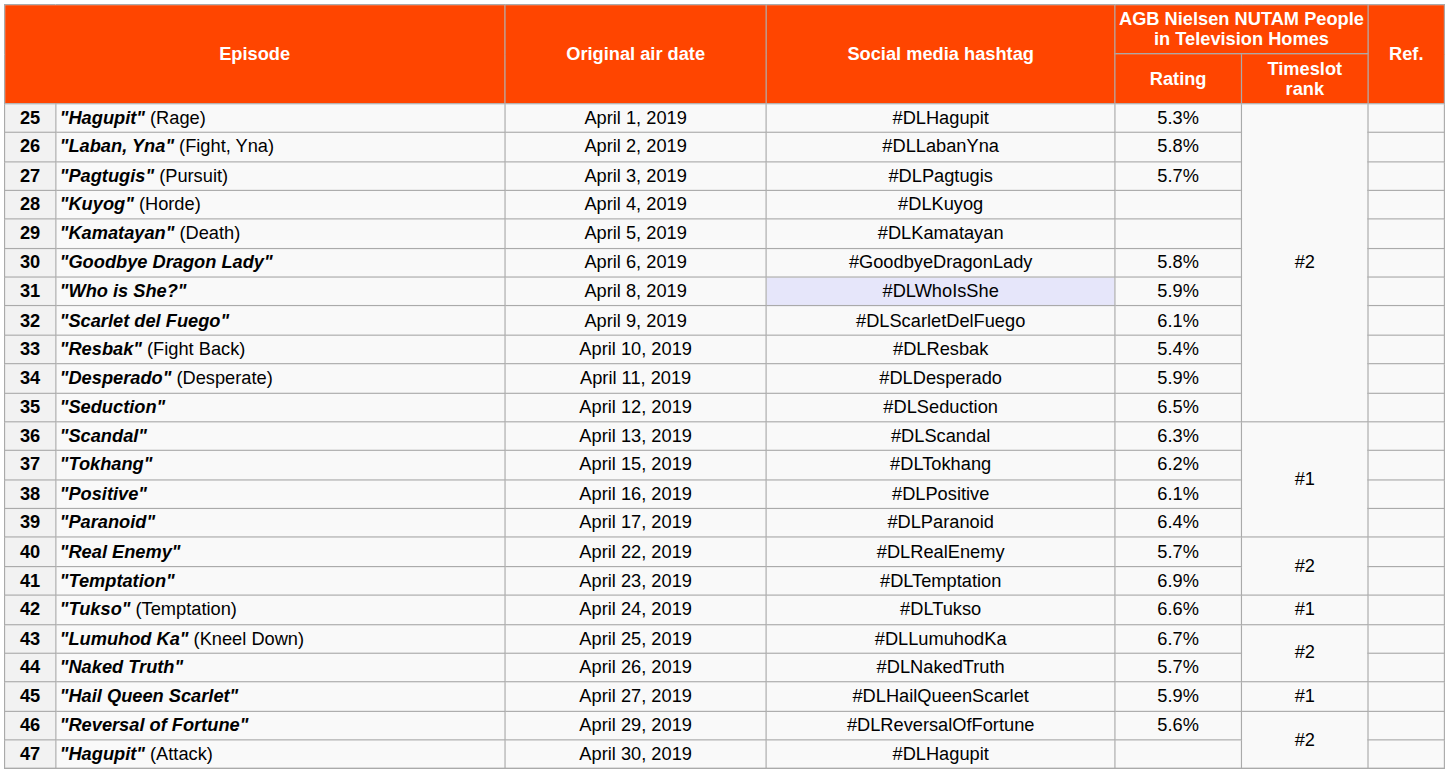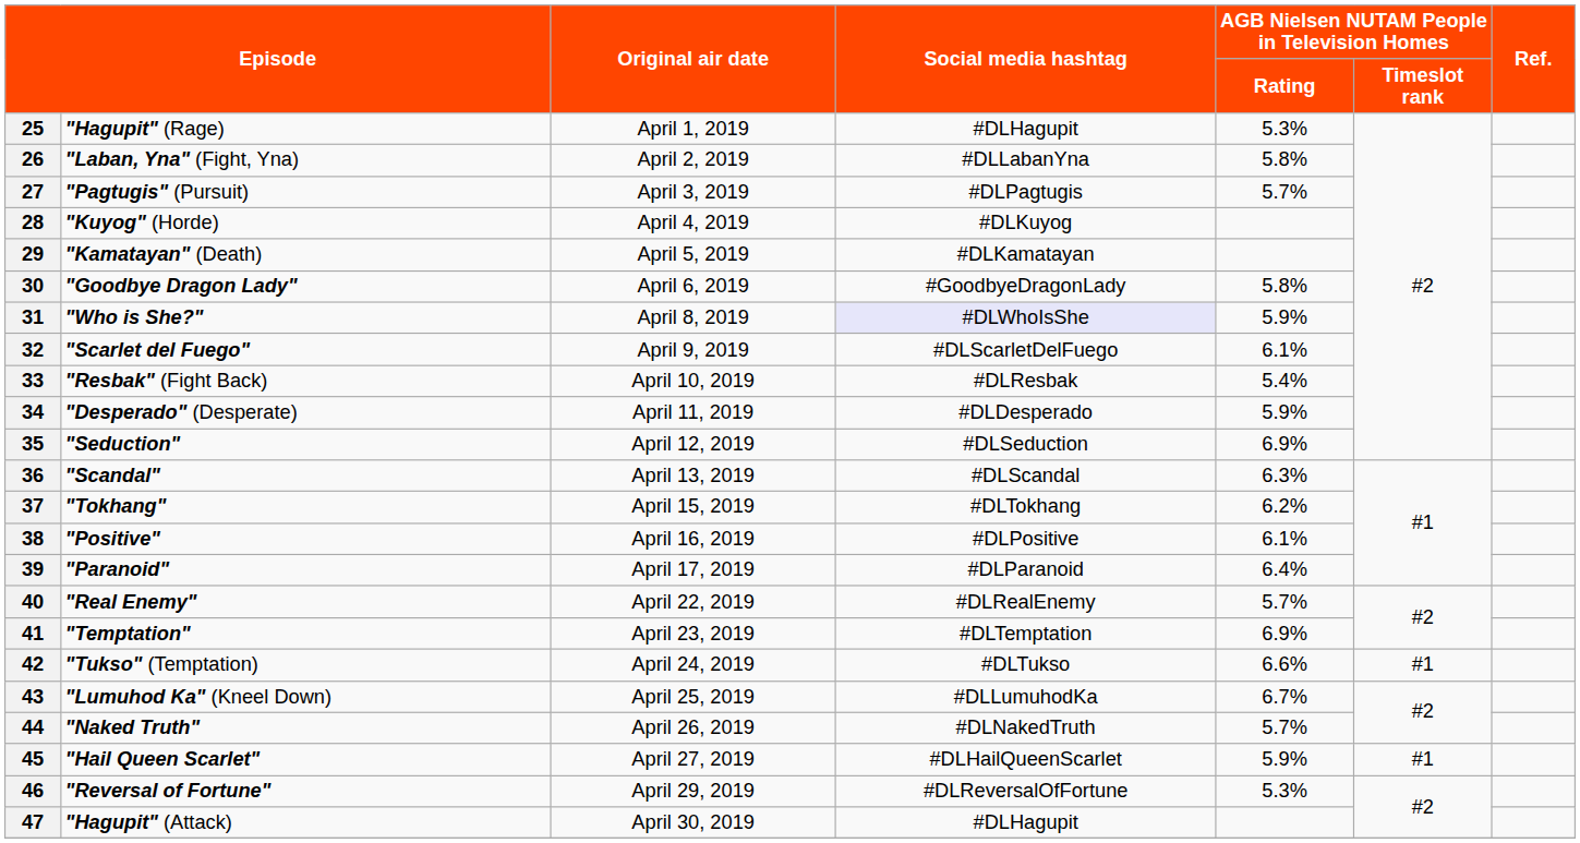 <table class="wikitable" style="text-align:center; font-size:100%; line-height:18px;" width="100%">
 <tr>
 <th style="background-color:#FF4500; color:#ffffff;" colspan="2" rowspan="2">Episode</th>
 <th style="background-color:#FF4500; color:white" rowspan="2">Original air date</th>
 <th style="background-color:#FF4500; color:white" rowspan="2">Social media hashtag</th>
 <th style="background-color:#FF4500; color:#ffffff;" colspan="2">AGB Nielsen NUTAM People in Television Homes</th>
 <th style="background-color:#FF4500;  color:#ffffff;" rowspan="2">Ref.</th>
 </tr>
 <tr>
 <th style="background-color:#FF4500; width:75px; color:#ffffff;">Rating</th>
 <th style="background-color:#FF4500;  width:75px; color:#ffffff;">Timeslot<br>rank</th>
 </tr>
 <tr>
 <th>25</th>
 <td style="text-align: left;"><strong><em>"Hagupit"</em></strong> (Rage)</td>
 <td>April 1, 2019</td>
 <td>#DLHagupit</td>
 <td>5.3%</td>
 <td rowspan="11">#2</td>
 <td></td>
 </tr>
 <tr>
 <th>26</th>
 <td style="text-align: left;"><strong><em>"Laban, Yna"</em></strong> (Fight, Yna)</td>
 <td>April 2, 2019</td>
 <td>#DLLabanYna</td>
 <td>5.8%</td>
 <td></td>
 </tr>
 <tr>
 <th>27</th>
 <td style="text-align: left;"><strong><em>"Pagtugis"</em></strong> (Pursuit)</td>
 <td>April 3, 2019</td>
 <td>#DLPagtugis</td>
 <td>5.7%</td>
 <td></td>
 </tr>
 <tr>
 <th>28</th>
 <td style="text-align: left;"><strong><em>"Kuyog"</em></strong> (Horde)</td>
 <td>April 4, 2019</td>
 <td>#DLKuyog</td>
 <td></td>
 <td></td>
 </tr>
 <tr>
 <th>29</th>
 <td style="text-align: left;"><strong><em>"Kamatayan"</em></strong> (Death)</td>
 <td>April 5, 2019</td>
 <td>#DLKamatayan</td>
 <td></td>
 <td></td>
 </tr>
 <tr>
 <th>30</th>
 <td style="text-align: left;"><strong><em>"Goodbye Dragon Lady"</em></strong></td>
 <td>April 6, 2019</td>
 <td>#GoodbyeDragonLady</td>
 <td>5.8%</td>
 <td></td>
 </tr>
 <tr>
 <th>31</th>
 <td style="text-align: left;"><strong><em>"Who is She?"</em></strong></td>
 <td>April 8, 2019</td>
 <td style="background: lavender;">#DLWhoIsShe</td>
 <td>5.9%</td>
 <td></td>
 </tr>
 <tr>
 <th>32</th>
 <td style="text-align: left;"><strong><em>"Scarlet del Fuego"</em></strong></td>
 <td>April 9, 2019</td>
 <td>#DLScarletDelFuego</td>
 <td>6.1%</td>
 <td></td>
 </tr>
 <tr>
 <th>33</th>
 <td style="text-align: left;"><strong><em>"Resbak"</em></strong> (Fight Back)</td>
 <td>April 10, 2019</td>
 <td>#DLResbak</td>
 <td>5.4%</td>
 <td></td>
 </tr>
 <tr>
 <th>34</th>
 <td style="text-align: left;"><strong><em>"Desperado"</em></strong> (Desperate)</td>
 <td>April 11, 2019</td>
 <td>#DLDesperado</td>
 <td>5.9%</td>
 <td></td>
 </tr>
 <tr>
 <th>35</th>
 <td style="text-align: left;"><strong><em>"Seduction"</em></strong></td>
 <td>April 12, 2019</td>
 <td>#DLSeduction</td>
-<td>6.5%</td>
+<td>6.9%</td>
 <td></td>
 </tr>
 <tr>
 <th>36</th>
 <td style="text-align: left;"><strong><em>"Scandal"</em></strong></td>
 <td>April 13, 2019</td>
 <td>#DLScandal</td>
 <td>6.3%</td>
 <td rowspan="4">#1</td>
 <td></td>
 </tr>
 <tr>
 <th>37</th>
 <td style="text-align: left;"><strong><em>"Tokhang"</em></strong></td>
 <td>April 15, 2019</td>
 <td>#DLTokhang</td>
 <td>6.2%</td>
 <td></td>
 </tr>
 <tr>
 <th>38</th>
 <td style="text-align: left;"><strong><em>"Positive"</em></strong></td>
 <td>April 16, 2019</td>
 <td>#DLPositive</td>
 <td>6.1%</td>
 <td></td>
 </tr>
 <tr>
 <th>39</th>
 <td style="text-align: left;"><strong><em>"Paranoid"</em></strong></td>
 <td>April 17, 2019</td>
 <td>#DLParanoid</td>
 <td>6.4%</td>
 <td></td>
 </tr>
 <tr>
 <th>40</th>
 <td style="text-align: left;"><strong><em>"Real Enemy"</em></strong></td>
 <td>April 22, 2019</td>
 <td>#DLRealEnemy</td>
 <td>5.7%</td>
 <td rowspan="2">#2</td>
 <td></td>
 </tr>
 <tr>
 <th>41</th>
 <td style="text-align: left;"><strong><em>"Temptation"</em></strong></td>
 <td>April 23, 2019</td>
 <td>#DLTemptation</td>
 <td>6.9%</td>
 <td></td>
 </tr>
 <tr>
 <th>42</th>
 <td style="text-align: left;"><strong><em>"Tukso"</em></strong> (Temptation)</td>
 <td>April 24, 2019</td>
 <td>#DLTukso</td>
 <td>6.6%</td>
 <td>#1</td>
 <td></td>
 </tr>
 <tr>
 <th>43</th>
 <td style="text-align: left;"><strong><em>"Lumuhod Ka"</em></strong> (Kneel Down)</td>
 <td>April 25, 2019</td>
 <td>#DLLumuhodKa</td>
 <td>6.7%</td>
 <td rowspan="2">#2</td>
 <td></td>
 </tr>
 <tr>
 <th>44</th>
 <td style="text-align: left;"><strong><em>"Naked Truth"</em></strong></td>
 <td>April 26, 2019</td>
 <td>#DLNakedTruth</td>
 <td>5.7%</td>
 <td></td>
 </tr>
 <tr>
 <th>45</th>
 <td style="text-align: left;"><strong><em>"Hail Queen Scarlet"</em></strong></td>
 <td>April 27, 2019</td>
 <td>#DLHailQueenScarlet</td>
 <td>5.9%</td>
 <td>#1</td>
 <td></td>
 </tr>
 <tr>
 <th>46</th>
 <td style="text-align: left;"><strong><em>"Reversal of Fortune"</em></strong></td>
 <td>April 29, 2019</td>
 <td>#DLReversalOfFortune</td>
-<td>5.6%</td>
+<td>5.3%</td>
 <td rowspan="2">#2</td>
 <td></td>
 </tr>
 <tr>
 <th>47</th>
 <td style="text-align: left;"><strong><em>"Hagupit"</em></strong> (Attack)</td>
 <td>April 30, 2019</td>
 <td>#DLHagupit</td>
 <td></td>
 <td></td>
 </tr>
 <tr>
 </tr>
 </table>
